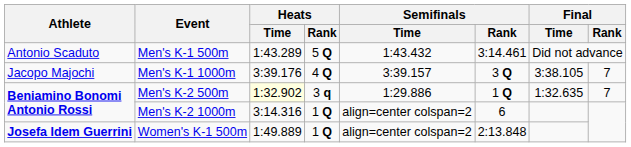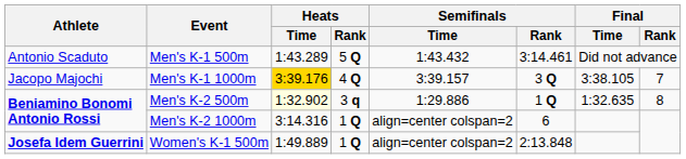 <table class="wikitable" style="font-size:90%">
 <tr>
 <th rowspan=2>Athlete</th>
 <th rowspan=2>Event</th>
 <th colspan=2>Heats</th>
 <th colspan=2>Semifinals</th>
 <th colspan=2>Final</th>
 </tr>
 <tr style="font-size:95%">
 <th>Time</th>
 <th>Rank</th>
 <th>Time</th>
 <th>Rank</th>
 <th>Time</th>
 <th>Rank</th>
 </tr>
 <tr>
 <td align=left><a href='#'>Antonio Scaduto</a></td>
 <td align=left><a href='#'>Men's K-1 500m</a></td>
 <td align=center>1:43.289</td>
 <td align=center>5 <strong>Q</strong></td>
 <td align=center>1:43.432</td>
 <td align=center>3:14.461</td>
 <td align=center colspan=2>Did not advance</td>
 </tr>
 <tr>
 <td align=left><a href='#'>Jacopo Majochi</a></td>
 <td align=left><a href='#'>Men's K-1 1000m</a></td>
-<td align=center>3:39.176</td>
+<td align=center style="background: gold;">3:39.176</td>
 <td align=center>4 <strong>Q</strong></td>
 <td align=center>3:39.157</td>
 <td align=center>3 <strong>Q</strong></td>
 <td align=center>3:38.105</td>
 <td align=center>7</td>
 </tr>
 <tr>
 <td align=left rowspan=2><strong><a href='#'>Beniamino Bonomi</a></strong><br> <strong><a href='#'>Antonio Rossi</a></strong></td>
 <td align=left><a href='#'>Men's K-2 500m</a></td>
 <td align=center style="background: lightyellow;">1:32.902</td>
 <td align=center>3 <strong>q</strong></td>
 <td align=center>1:29.886</td>
 <td align=center>1 <strong>Q</strong></td>
 <td align=center>1:32.635</td>
-<td align=center>7</td>
+<td align=center>8</td>
 </tr>
 <tr>
 <td align=left><a href='#'>Men's K-2 1000m</a></td>
 <td align=center>3:14.316</td>
 <td align=center>1 <strong>Q</strong></td>
 <td>align=center colspan=2 </td>
 <td align=center>6</td>
 <td align=center></td>
 </tr>
 <tr>
 <td align=left><strong><a href='#'>Josefa Idem Guerrini</a></strong></td>
 <td align=left><a href='#'>Women's K-1 500m</a></td>
 <td align=center>1:49.889</td>
 <td align=center>1 <strong>Q</strong></td>
 <td>align=center colspan=2 </td>
 <td align=center>2:13.848</td>
 <td align=center></td>
 </tr>
 </table>
